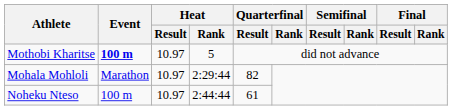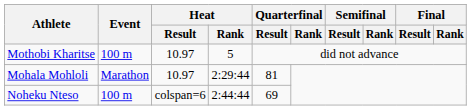 <table class="wikitable" style="font-size:90%">
 <tr>
 <th rowspan="2">Athlete</th>
 <th rowspan="2">Event</th>
 <th colspan="2">Heat</th>
 <th colspan="2">Quarterfinal</th>
 <th colspan="2">Semifinal</th>
 <th colspan="2">Final</th>
 </tr>
 <tr style="font-size:95%">
 <th>Result</th>
 <th>Rank</th>
 <th>Result</th>
 <th>Rank</th>
 <th>Result</th>
 <th>Rank</th>
 <th>Result</th>
 <th>Rank</th>
 </tr>
 <tr align=center>
 <td align=left><a href='#'>Mothobi Kharitse</a></td>
-<td align=left><strong><a href='#'>100 m</a></strong></td>
+<td align=left><a href='#'>100 m</a></td>
 <td>10.97</td>
 <td>5</td>
 <td colspan=6>did not advance</td>
 </tr>
 <tr align=center>
 <td align=left><a href='#'>Mohala Mohloli</a></td>
 <td align=left><a href='#'>Marathon</a></td>
 <td>10.97</td>
 <td>2:29:44</td>
-<td>82</td>
+<td>81</td>
 </tr>
 <tr align=center>
 <td align=left><a href='#'>Noheku Nteso</a></td>
 <td align=left><a href='#'>100 m</a></td>
-<td>10.97</td>
+<td>colspan=6 </td>
 <td>2:44:44</td>
-<td>61</td>
+<td>69</td>
 </tr>
 </table>
